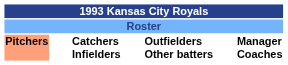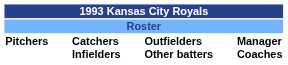 <table class="toccolours" style="font-size: 95%;">
 <tr>
 <th colspan="10" style="background-color: #27408B; color: #FFFFFF; text-align: center;">1993 Kansas City Royals</th>
 </tr>
 <tr>
 <td colspan="10" style="background-color: #74B4FA; color: #27408B; text-align: center;"><strong>Roster</strong></td>
 </tr>
 <tr>
-<td valign="top" style="background: lightsalmon;"><strong>Pitchers</strong><br>                    </td>
+<td valign="top"><strong>Pitchers</strong><br>                    </td>
 <td width="25px"></td>
 <td valign="top"><strong>Catchers</strong><br>   <strong>Infielders</strong>            </td>
 <td width="25px"></td>
 <td valign="top"><strong>Outfielders</strong><br>       <strong>Other batters</strong> </td>
 <td width="25px"></td>
 <td valign="top"><strong>Manager</strong><br> <strong>Coaches</strong>     </td>
 </tr>
 </table>
